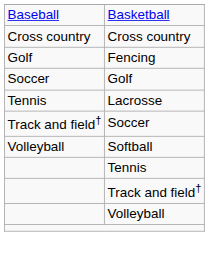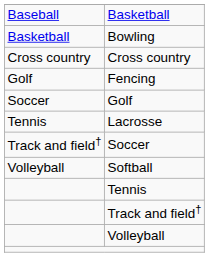 <table class="wikitable" style="float:center;">
 <tr>
 </tr>
 <tr>
 <td><a href='#'>Baseball</a></td>
 <td><a href='#'>Basketball</a></td>
+</tr>
+<tr>
+<td><a href='#'>Basketball</a></td>
+<td>Bowling</td>
 </tr>
 <tr>
 <td>Cross country</td>
 <td>Cross country</td>
 </tr>
 <tr>
 <td>Golf</td>
 <td>Fencing</td>
 </tr>
 <tr>
 <td>Soccer</td>
 <td>Golf</td>
 </tr>
 <tr>
 <td>Tennis</td>
 <td>Lacrosse</td>
 </tr>
 <tr>
 <td>Track and field<sup>†</sup></td>
 <td>Soccer</td>
 </tr>
 <tr>
 <td>Volleyball</td>
 <td>Softball</td>
 </tr>
 <tr>
 <td></td>
 <td>Tennis</td>
 </tr>
 <tr>
 <td></td>
 <td>Track and field<sup>†</sup></td>
 </tr>
 <tr>
 <td></td>
 <td>Volleyball</td>
 </tr>
 <tr>
 <td colspan="2"></td>
 </tr>
 </table>
